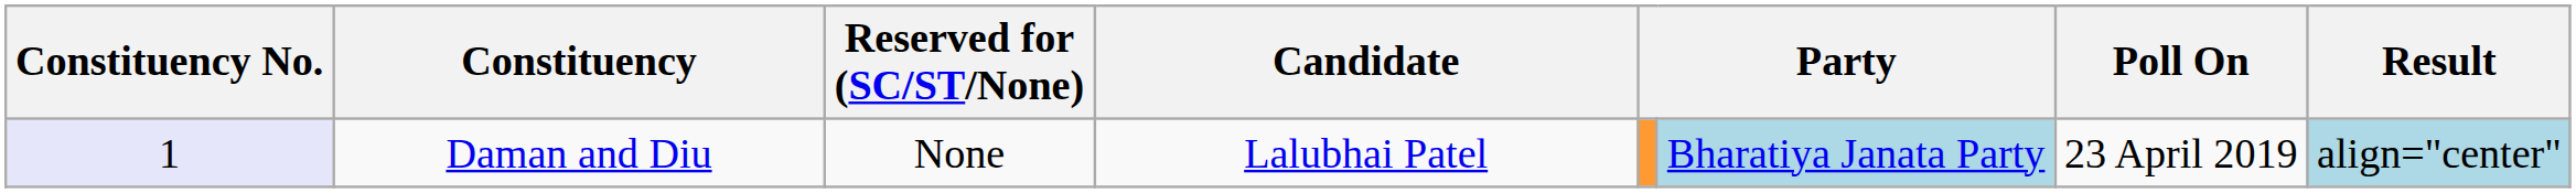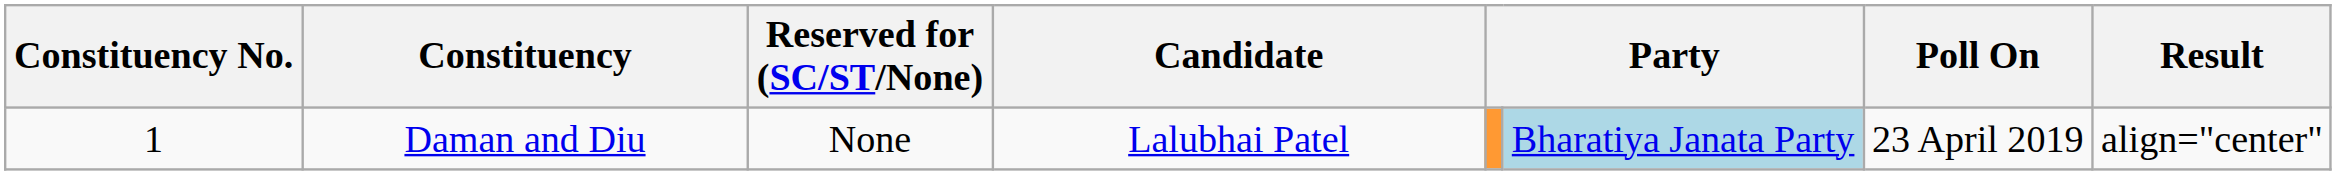 <table class="wikitable sortable" style="text-align:center;">
 <tr>
 <th>Constituency No.</th>
 <th style="width:180px;">Constituency</th>
 <th>Reserved for<br>(<a href='#'>SC/ST</a>/None)</th>
 <th style="width:200px;">Candidate</th>
 <th colspan="2">Party</th>
 <th>Poll On</th>
 <th>Result</th>
 </tr>
 <tr>
-<td align="center" style="background: lavender;">1</td>
+<td align="center">1</td>
 <td><a href='#'>Daman and Diu</a></td>
 <td align="center">None</td>
 <td><a href='#'>Lalubhai Patel</a></td>
 <td bgcolor="#FF9933"></td>
 <td style="background: lightblue;"><a href='#'>Bharatiya Janata Party</a></td>
 <td align="center">23 April 2019</td>
-<td style="background: lightblue;">align="center" </td>
+<td>align="center" </td>
 </tr>
 </table>
